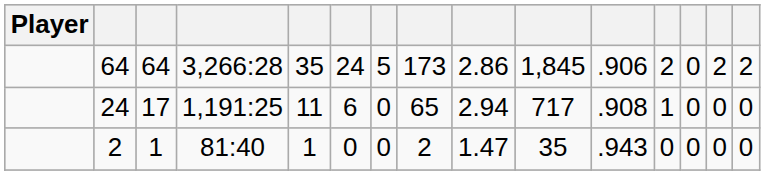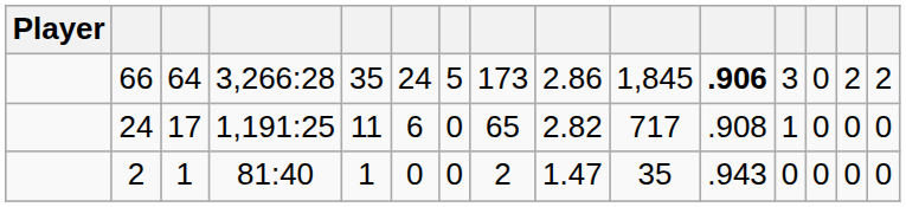 <table class="wikitable sortable" style="text-align:center;">
 <tr>
 <th>Player</th>
 <th></th>
 <th></th>
 <th></th>
 <th></th>
 <th></th>
 <th></th>
 <th></th>
 <th></th>
 <th></th>
 <th></th>
 <th></th>
 <th></th>
 <th></th>
 <th></th>
 </tr>
 <tr>
 <td></td>
-<td>64</td>
+<td>66</td>
 <td>64</td>
 <td>3,266:28</td>
 <td>35</td>
 <td>24</td>
 <td>5</td>
 <td>173</td>
 <td>2.86</td>
 <td>1,845</td>
-<td>.906</td>
-<td>2</td>
+<td><strong>.906</strong></td>
+<td>3</td>
 <td>0</td>
 <td>2</td>
 <td>2</td>
 </tr>
 <tr>
 <td></td>
 <td>24</td>
 <td>17</td>
 <td>1,191:25</td>
 <td>11</td>
 <td>6</td>
 <td>0</td>
 <td>65</td>
-<td>2.94</td>
+<td>2.82</td>
 <td>717</td>
 <td>.908</td>
 <td>1</td>
 <td>0</td>
 <td>0</td>
 <td>0</td>
 </tr>
 <tr>
 <td></td>
 <td>2</td>
 <td>1</td>
 <td>81:40</td>
 <td>1</td>
 <td>0</td>
 <td>0</td>
 <td>2</td>
 <td>1.47</td>
 <td>35</td>
 <td>.943</td>
 <td>0</td>
 <td>0</td>
 <td>0</td>
 <td>0</td>
 </tr>
 </table>
